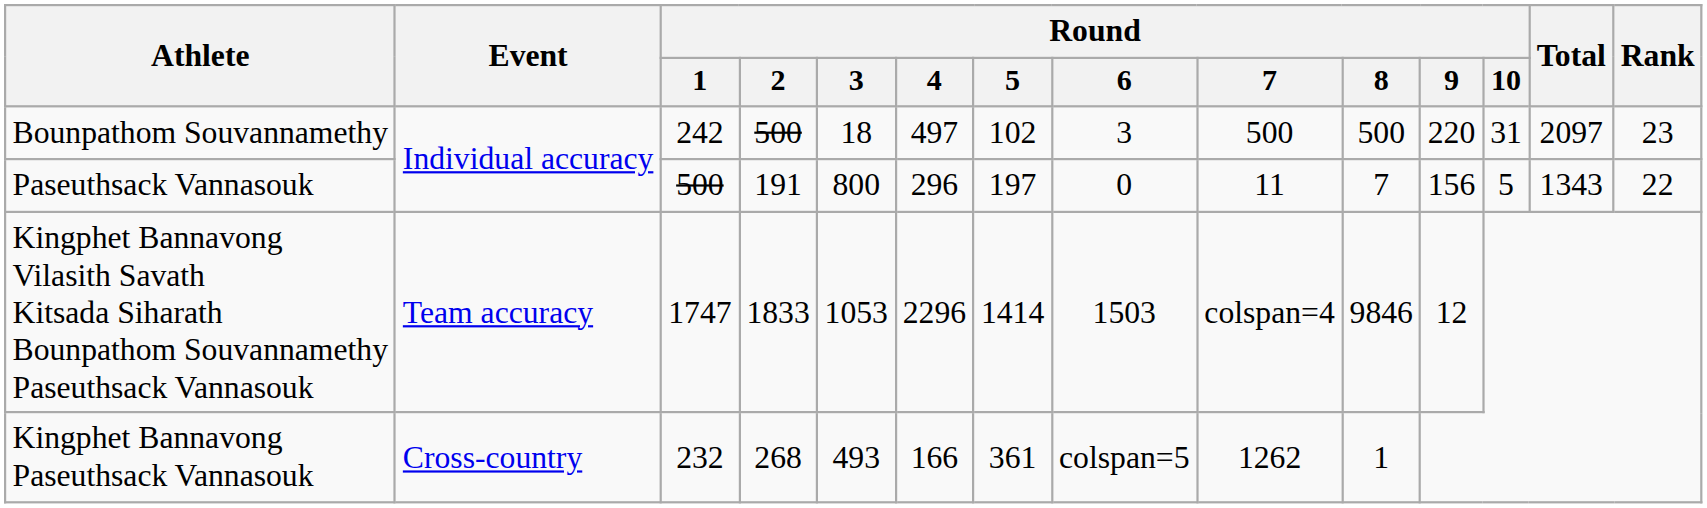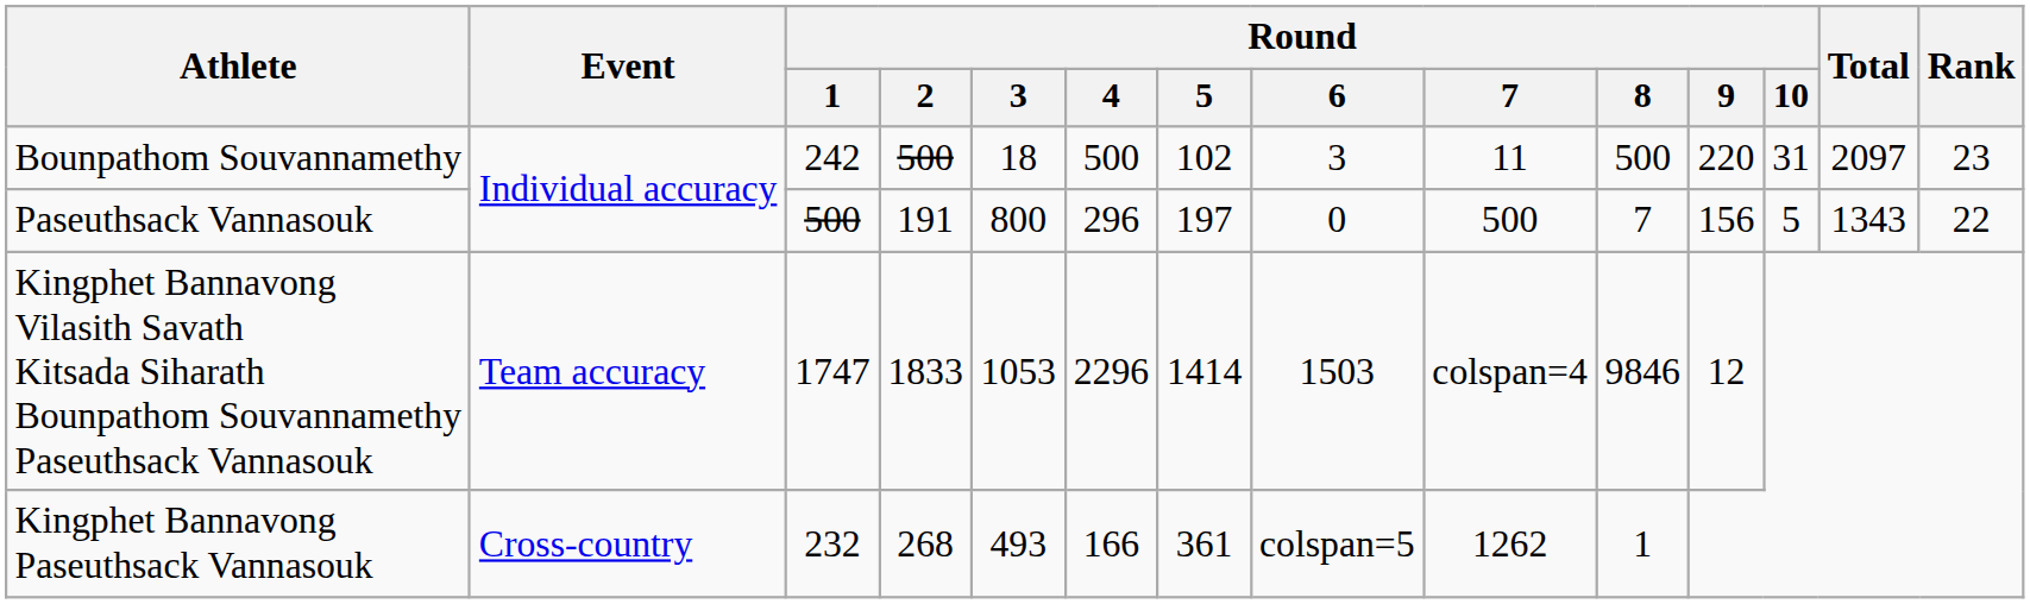 <table class=wikitable style=font-size:90%;text-align:center>
 <tr>
 <th rowspan="2">Athlete</th>
 <th rowspan="2">Event</th>
 <th colspan=10>Round</th>
 <th rowspan=2>Total</th>
 <th rowspan=2>Rank</th>
 </tr>
 <tr style="font-size:95%">
 <th>1</th>
 <th>2</th>
 <th>3</th>
 <th>4</th>
 <th>5</th>
 <th>6</th>
 <th>7</th>
 <th>8</th>
 <th>9</th>
 <th>10</th>
 </tr>
 <tr>
 <td align=left>Bounpathom Souvannamethy</td>
 <td align=left rowspan=2><a href='#'>Individual accuracy</a></td>
 <td>242</td>
 <td><s>500</s></td>
 <td>18</td>
-<td>497</td>
+<td>500</td>
 <td>102</td>
 <td>3</td>
-<td>500</td>
+<td>11</td>
 <td>500</td>
 <td>220</td>
 <td>31</td>
 <td>2097</td>
 <td>23</td>
 </tr>
 <tr>
 <td align=left>Paseuthsack Vannasouk</td>
 <td><s>500</s></td>
 <td>191</td>
 <td>800</td>
 <td>296</td>
 <td>197</td>
 <td>0</td>
-<td>11</td>
+<td>500</td>
 <td>7</td>
 <td>156</td>
 <td>5</td>
 <td>1343</td>
 <td>22</td>
 </tr>
 <tr>
 <td align=left>Kingphet Bannavong<br>Vilasith Savath<br>Kitsada Siharath<br>Bounpathom Souvannamethy<br>Paseuthsack Vannasouk</td>
 <td align=left><a href='#'>Team accuracy</a></td>
 <td>1747</td>
 <td>1833</td>
 <td>1053</td>
 <td>2296</td>
 <td>1414</td>
 <td>1503</td>
 <td>colspan=4 </td>
 <td>9846</td>
 <td>12</td>
 </tr>
 <tr>
 <td align=left>Kingphet Bannavong<br>Paseuthsack Vannasouk</td>
 <td align=left><a href='#'>Cross-country</a></td>
 <td>232</td>
 <td>268</td>
 <td>493</td>
 <td>166</td>
 <td>361</td>
 <td>colspan=5 </td>
 <td>1262</td>
 <td>1</td>
 </tr>
 </table>
